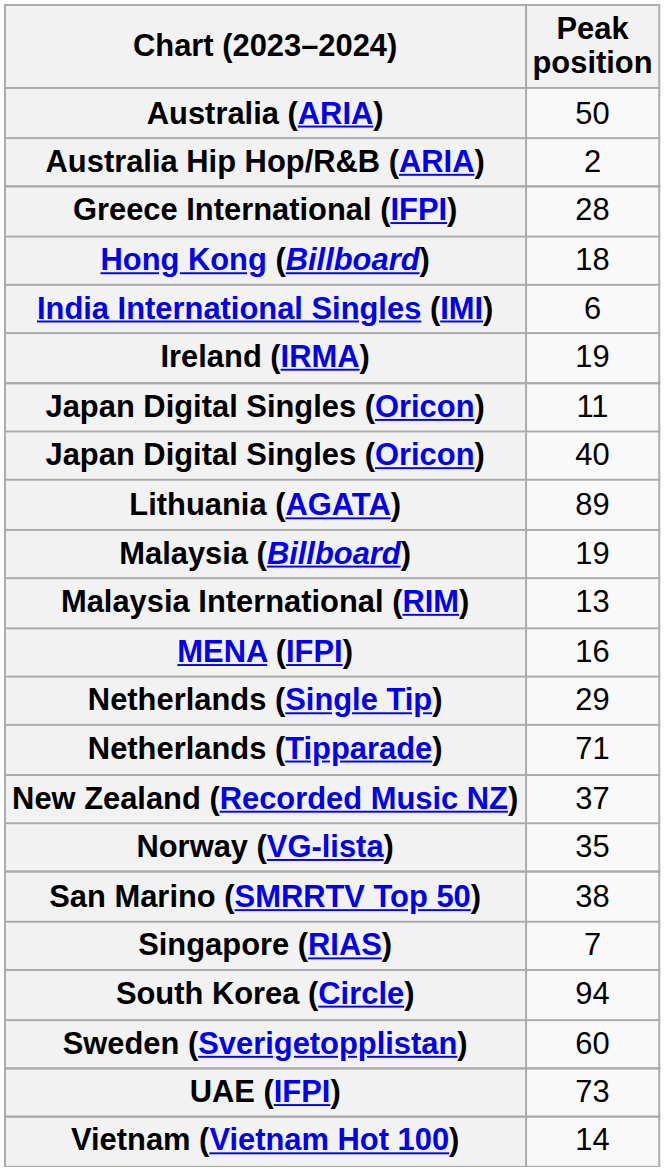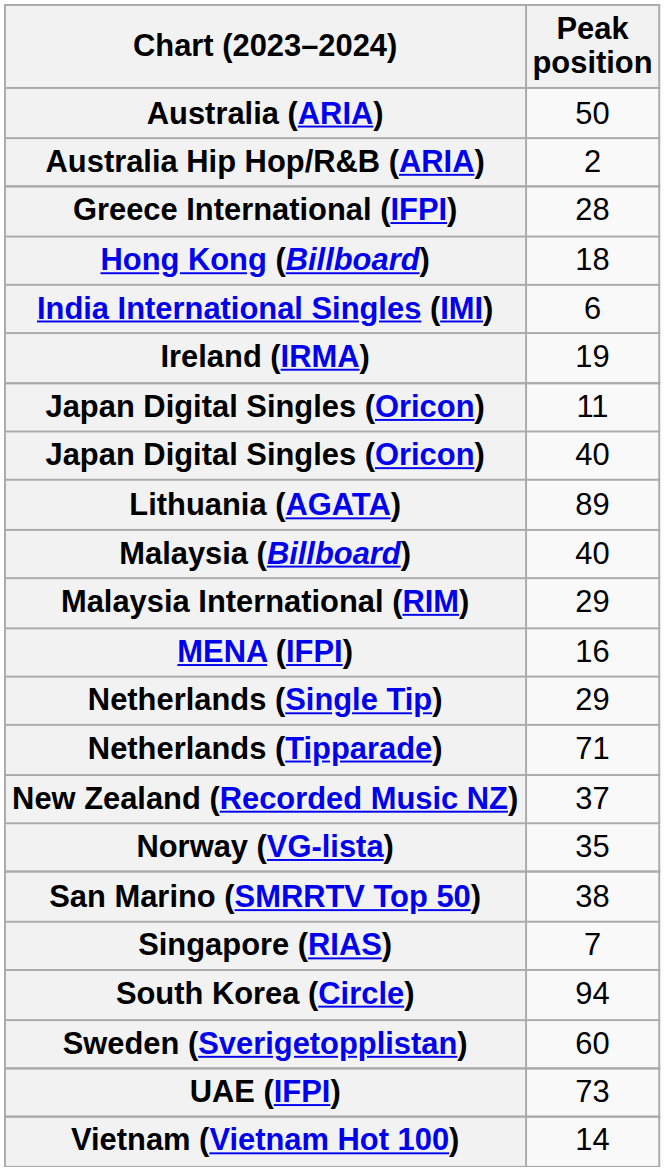 <table class="wikitable sortable plainrowheaders" style="text-align:center">
 <tr>
 <th scope="col">Chart (2023–2024)</th>
 <th scope="col">Peak<br>position</th>
 </tr>
 <tr>
 <th scope="row">Australia (<a href='#'>ARIA</a>)</th>
 <td>50</td>
 </tr>
 <tr>
 <th scope="row">Australia Hip Hop/R&B (<a href='#'>ARIA</a>)</th>
 <td>2</td>
 </tr>
 <tr>
 </tr>
 <tr>
 </tr>
 <tr>
 </tr>
 <tr>
 </tr>
 <tr>
 </tr>
 <tr>
 </tr>
 <tr>
 </tr>
 <tr>
 <th scope="row">Greece International (<a href='#'>IFPI</a>)</th>
 <td>28</td>
 </tr>
 <tr>
 <th scope="row"><a href='#'>Hong Kong</a> (<em><a href='#'>Billboard</a></em>)</th>
 <td>18</td>
 </tr>
 <tr>
 <th scope="row"><a href='#'>India International Singles</a> (<a href='#'>IMI</a>)</th>
 <td>6</td>
 </tr>
 <tr>
 <th scope="row">Ireland (<a href='#'>IRMA</a>)</th>
 <td>19</td>
 </tr>
 <tr>
 </tr>
 <tr>
 <th scope="row">Japan Digital Singles (<a href='#'>Oricon</a>)<br></th>
 <td>11</td>
 </tr>
 <tr>
 <th scope="row">Japan Digital Singles (<a href='#'>Oricon</a>)<br></th>
 <td>40</td>
 </tr>
 <tr>
 <th scope="row">Lithuania (<a href='#'>AGATA</a>)</th>
 <td>89</td>
 </tr>
 <tr>
 <th scope="row">Malaysia (<em><a href='#'>Billboard</a></em>)</th>
-<td>19</td>
+<td>40</td>
 </tr>
 <tr>
 <th scope="row">Malaysia International (<a href='#'>RIM</a>)</th>
-<td>13</td>
+<td>29</td>
 </tr>
 <tr>
 <th scope="row"><a href='#'>MENA</a> (<a href='#'>IFPI</a>)</th>
 <td>16</td>
 </tr>
 <tr>
 <th scope="row">Netherlands (<a href='#'>Single Tip</a>)</th>
 <td>29</td>
 </tr>
 <tr>
 <th scope="row">Netherlands (<a href='#'>Tipparade</a>)</th>
 <td>71</td>
 </tr>
 <tr>
 <th scope="row">New Zealand (<a href='#'>Recorded Music NZ</a>)</th>
 <td>37</td>
 </tr>
 <tr>
 <th scope="row">Norway (<a href='#'>VG-lista</a>)</th>
 <td>35</td>
 </tr>
 <tr>
 </tr>
 <tr>
 <th scope="row">San Marino (<a href='#'>SMRRTV Top 50</a>)</th>
 <td>38</td>
 </tr>
 <tr>
 <th scope="row">Singapore (<a href='#'>RIAS</a>)</th>
 <td>7</td>
 </tr>
 <tr>
 <th scope="row">South Korea (<a href='#'>Circle</a>)</th>
 <td>94</td>
 </tr>
 <tr>
 <th scope="row">Sweden (<a href='#'>Sverigetopplistan</a>)</th>
 <td>60</td>
 </tr>
 <tr>
 </tr>
 <tr>
 <th scope="row">UAE (<a href='#'>IFPI</a>)</th>
 <td>73</td>
 </tr>
 <tr>
 </tr>
 <tr>
 </tr>
 <tr>
 </tr>
 <tr>
 </tr>
 <tr>
 </tr>
 <tr>
 <th scope="row">Vietnam (<a href='#'>Vietnam Hot 100</a>)</th>
 <td>14</td>
 </tr>
 </table>
